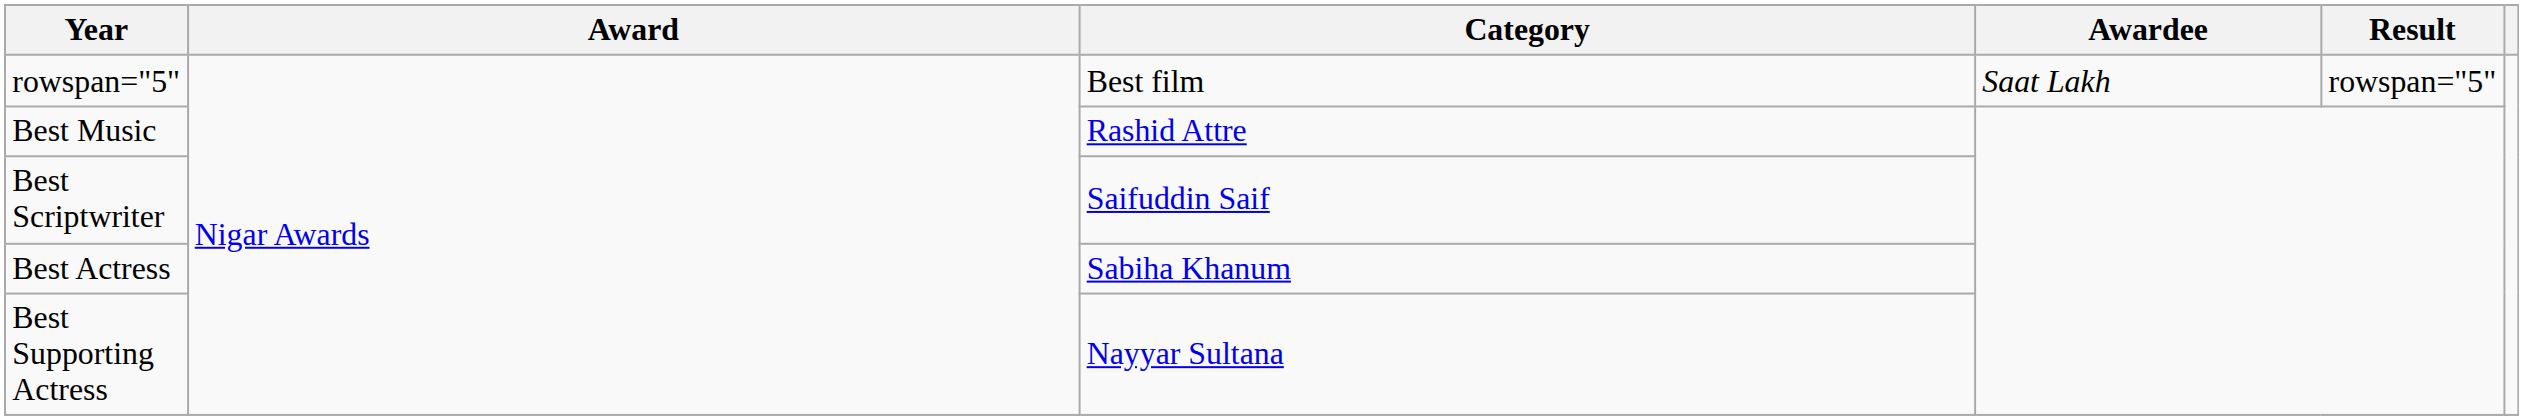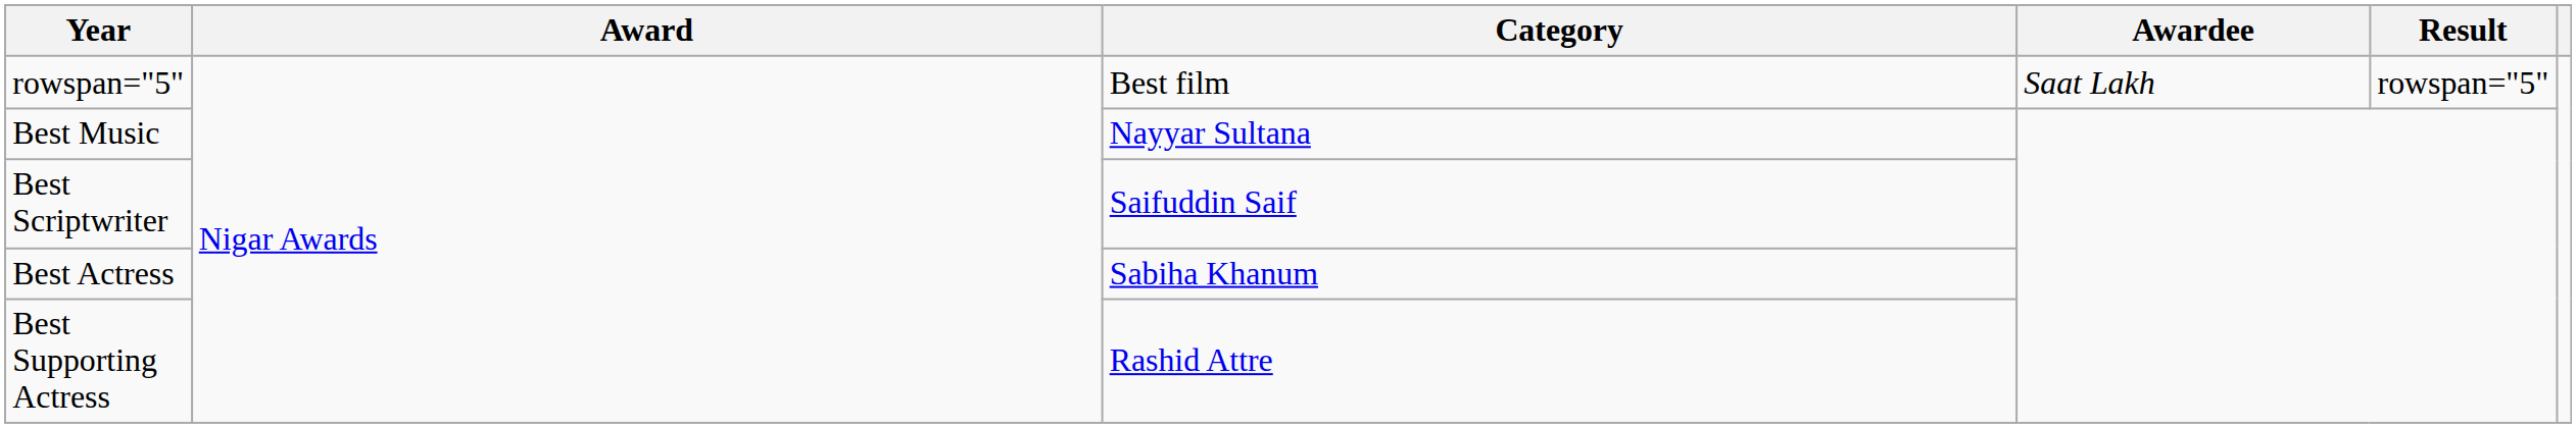 <table class="wikitable sortable" width=100%>
 <tr>
 <th width=5%>Year</th>
 <th style="width:40%;">Award</th>
 <th style="width:40%;">Category</th>
 <th style="width:40%;">Awardee</th>
 <th style="width:10%;">Result</th>
 <th width=5%></th>
 </tr>
 <tr>
 <td>rowspan="5"</td>
 <td rowspan="5"><a href='#'>Nigar Awards</a></td>
 <td>Best film</td>
 <td><em>Saat Lakh</em></td>
 <td>rowspan="5"</td>
 <td rowspan="5"></td>
 </tr>
 <tr>
 <td>Best Music</td>
-<td><a href='#'>Rashid Attre</a></td>
+<td><a href='#'>Nayyar Sultana</a></td>
 </tr>
 <tr>
 <td>Best Scriptwriter</td>
 <td><a href='#'>Saifuddin Saif</a></td>
 </tr>
 <tr>
 <td>Best Actress</td>
 <td><a href='#'>Sabiha Khanum</a></td>
 </tr>
 <tr>
 <td>Best Supporting Actress</td>
-<td><a href='#'>Nayyar Sultana</a></td>
+<td><a href='#'>Rashid Attre</a></td>
 </tr>
 </table>
